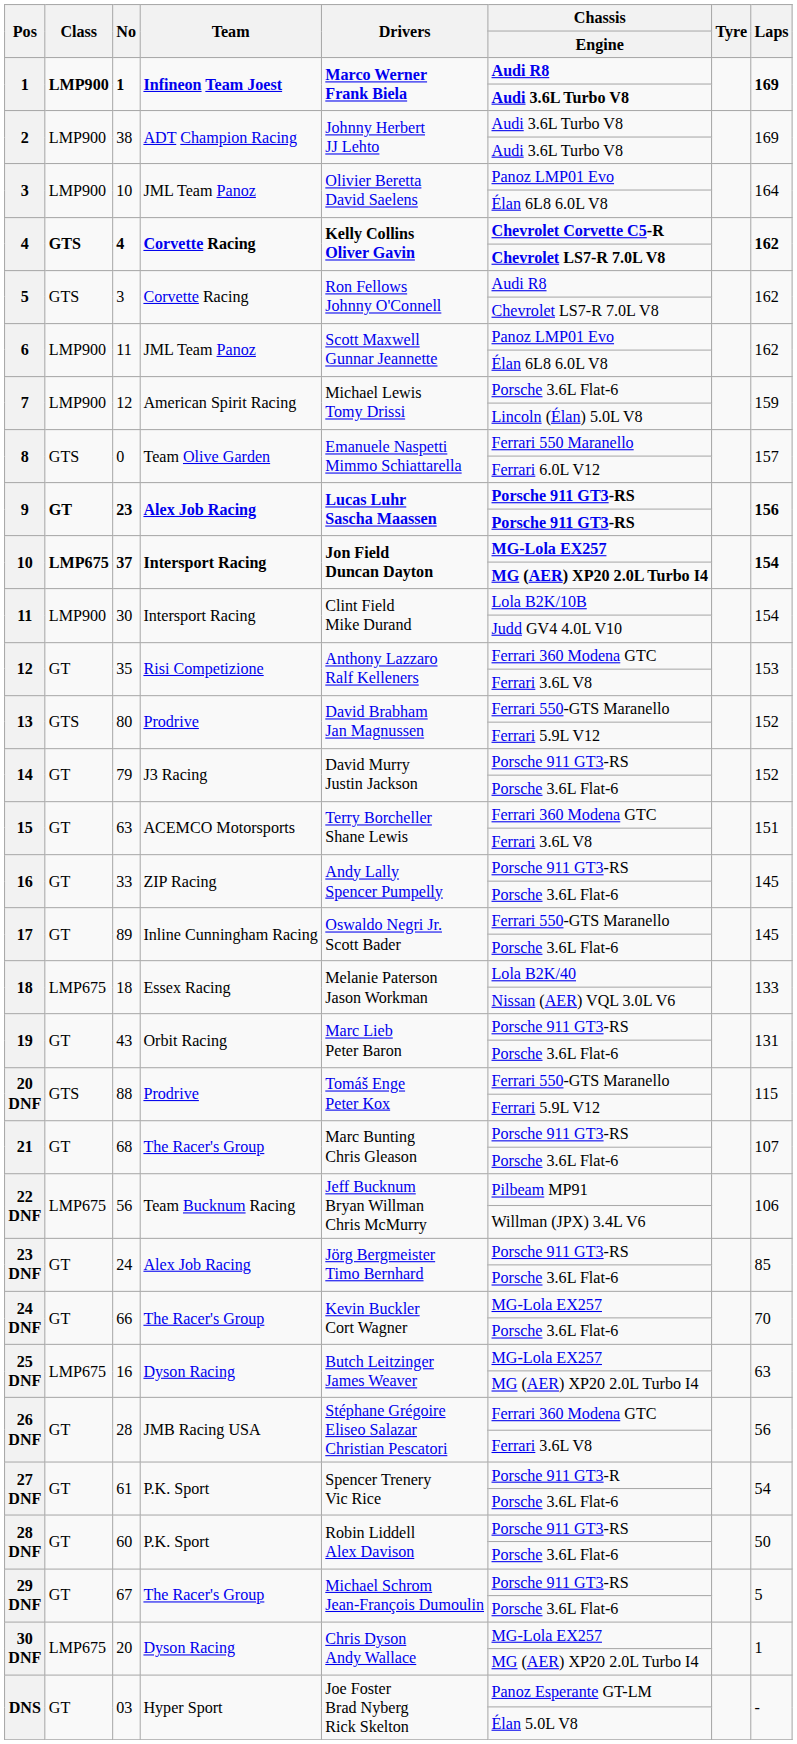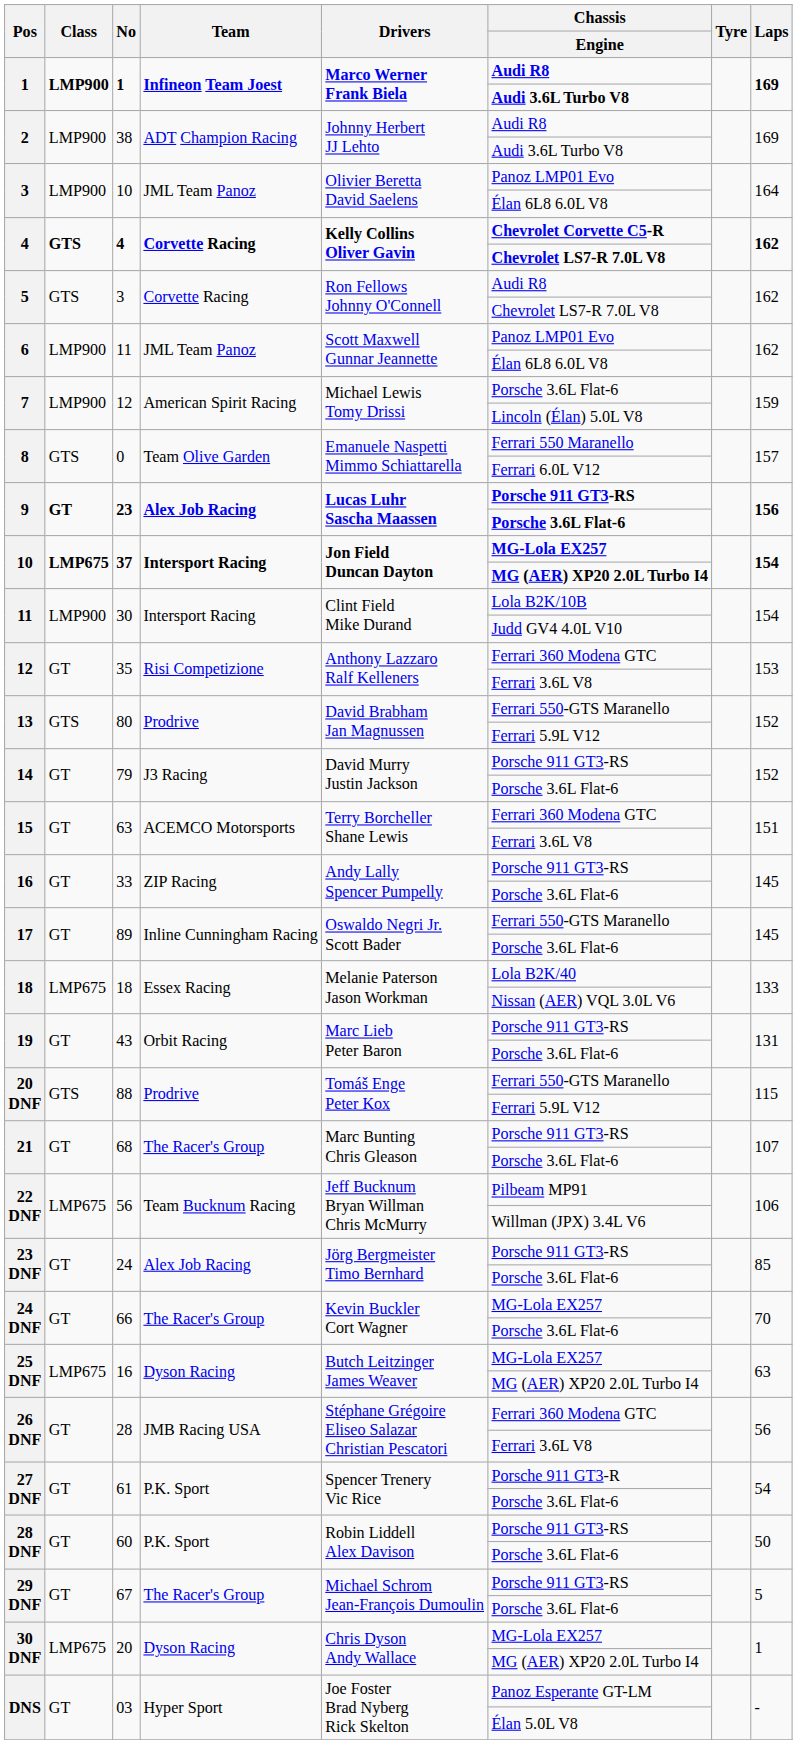 <table class="wikitable" style="font-size: 95%;">
 <tr>
 <th rowspan=2>Pos</th>
 <th rowspan=2>Class</th>
 <th rowspan=2>No</th>
 <th rowspan=2>Team</th>
 <th rowspan=2>Drivers</th>
 <th>Chassis</th>
 <th rowspan=2>Tyre</th>
 <th rowspan=2>Laps</th>
 </tr>
 <tr>
 <th>Engine</th>
 </tr>
 <tr style="font-weight:bold">
 <th rowspan=2>1</th>
 <td rowspan=2>LMP900</td>
 <td rowspan=2>1</td>
 <td rowspan=2> <a href='#'>Infineon</a> <a href='#'>Team Joest</a></td>
 <td rowspan=2> <a href='#'>Marco Werner</a><br> <a href='#'>Frank Biela</a></td>
 <td><a href='#'>Audi R8</a></td>
 <td rowspan=2></td>
 <td rowspan=2>169</td>
 </tr>
 <tr style="font-weight:bold">
 <td><a href='#'>Audi</a> 3.6L Turbo V8</td>
 </tr>
 <tr>
 <th rowspan=2>2</th>
 <td rowspan=2>LMP900</td>
 <td rowspan=2>38</td>
 <td rowspan=2> <a href='#'>ADT</a> <a href='#'>Champion Racing</a></td>
 <td rowspan=2> <a href='#'>Johnny Herbert</a><br> <a href='#'>JJ Lehto</a></td>
-<td><a href='#'>Audi</a> 3.6L Turbo V8</td>
+<td><a href='#'>Audi R8</a></td>
 <td rowspan=2></td>
 <td rowspan=2>169</td>
 </tr>
 <tr>
 <td><a href='#'>Audi</a> 3.6L Turbo V8</td>
 </tr>
 <tr>
 <th rowspan=2>3</th>
 <td rowspan=2>LMP900</td>
 <td rowspan=2>10</td>
 <td rowspan=2> JML Team <a href='#'>Panoz</a></td>
 <td rowspan=2> <a href='#'>Olivier Beretta</a><br> <a href='#'>David Saelens</a></td>
 <td><a href='#'>Panoz LMP01 Evo</a></td>
 <td rowspan=2></td>
 <td rowspan=2>164</td>
 </tr>
 <tr>
 <td><a href='#'>Élan</a> 6L8 6.0L V8</td>
 </tr>
 <tr style="font-weight:bold">
 <th rowspan=2>4</th>
 <td rowspan=2>GTS</td>
 <td rowspan=2>4</td>
 <td rowspan=2> <a href='#'>Corvette</a> Racing</td>
 <td rowspan=2> Kelly Collins<br> <a href='#'>Oliver Gavin</a></td>
 <td><a href='#'>Chevrolet Corvette C5</a>-R</td>
 <td rowspan=2></td>
 <td rowspan=2>162</td>
 </tr>
 <tr style="font-weight:bold">
 <td><a href='#'>Chevrolet</a> LS7-R 7.0L V8</td>
 </tr>
 <tr>
 <th rowspan=2>5</th>
 <td rowspan=2>GTS</td>
 <td rowspan=2>3</td>
 <td rowspan=2> <a href='#'>Corvette</a> Racing</td>
 <td rowspan=2> <a href='#'>Ron Fellows</a><br> <a href='#'>Johnny O'Connell</a></td>
 <td><a href='#'>Audi R8</a></td>
 <td rowspan=2></td>
 <td rowspan=2>162</td>
 </tr>
 <tr>
 <td><a href='#'>Chevrolet</a> LS7-R 7.0L V8</td>
 </tr>
 <tr>
 <th rowspan=2>6</th>
 <td rowspan=2>LMP900</td>
 <td rowspan=2>11</td>
 <td rowspan=2> JML Team <a href='#'>Panoz</a></td>
 <td rowspan=2> <a href='#'>Scott Maxwell</a><br> <a href='#'>Gunnar Jeannette</a></td>
 <td><a href='#'>Panoz LMP01 Evo</a></td>
 <td rowspan=2></td>
 <td rowspan=2>162</td>
 </tr>
 <tr>
 <td><a href='#'>Élan</a> 6L8 6.0L V8</td>
 </tr>
 <tr>
 <th rowspan=2>7</th>
 <td rowspan=2>LMP900</td>
 <td rowspan=2>12</td>
 <td rowspan=2> American Spirit Racing</td>
 <td rowspan=2> Michael Lewis<br> <a href='#'>Tomy Drissi</a></td>
 <td><a href='#'>Porsche</a> 3.6L Flat-6</td>
 <td rowspan=2></td>
 <td rowspan=2>159</td>
 </tr>
 <tr>
 <td><a href='#'>Lincoln</a> (<a href='#'>Élan</a>) 5.0L V8</td>
 </tr>
 <tr>
 <th rowspan=2>8</th>
 <td rowspan=2>GTS</td>
 <td rowspan=2>0</td>
 <td rowspan=2> Team <a href='#'>Olive Garden</a></td>
 <td rowspan=2> <a href='#'>Emanuele Naspetti</a><br> <a href='#'>Mimmo Schiattarella</a></td>
 <td><a href='#'>Ferrari 550 Maranello</a></td>
 <td rowspan=2></td>
 <td rowspan=2>157</td>
 </tr>
 <tr>
 <td><a href='#'>Ferrari</a> 6.0L V12</td>
 </tr>
 <tr style="font-weight:bold">
 <th rowspan=2>9</th>
 <td rowspan=2>GT</td>
 <td rowspan=2>23</td>
 <td rowspan=2> <a href='#'>Alex Job Racing</a></td>
 <td rowspan=2> <a href='#'>Lucas Luhr</a><br> <a href='#'>Sascha Maassen</a></td>
 <td><a href='#'>Porsche 911 GT3</a>-RS</td>
 <td rowspan=2></td>
 <td rowspan=2>156</td>
 </tr>
 <tr style="font-weight:bold">
-<td><a href='#'>Porsche 911 GT3</a>-RS</td>
+<td><a href='#'>Porsche</a> 3.6L Flat-6</td>
 </tr>
 <tr style="font-weight:bold">
 <th rowspan=2>10</th>
 <td rowspan=2>LMP675</td>
 <td rowspan=2>37</td>
 <td rowspan=2> Intersport Racing</td>
 <td rowspan=2> Jon Field<br> Duncan Dayton</td>
 <td><a href='#'>MG-Lola EX257</a></td>
 <td rowspan=2></td>
 <td rowspan=2>154</td>
 </tr>
 <tr style="font-weight:bold">
 <td><a href='#'>MG</a> (<a href='#'>AER</a>) XP20 2.0L Turbo I4</td>
 </tr>
 <tr>
 <th rowspan=2>11</th>
 <td rowspan=2>LMP900</td>
 <td rowspan=2>30</td>
 <td rowspan=2> Intersport Racing</td>
 <td rowspan=2> Clint Field<br> Mike Durand</td>
 <td><a href='#'>Lola B2K/10B</a></td>
 <td rowspan=2></td>
 <td rowspan=2>154</td>
 </tr>
 <tr>
 <td><a href='#'>Judd</a> GV4 4.0L V10</td>
 </tr>
 <tr>
 <th rowspan=2>12</th>
 <td rowspan=2>GT</td>
 <td rowspan=2>35</td>
 <td rowspan=2> <a href='#'>Risi Competizione</a></td>
 <td rowspan=2> <a href='#'>Anthony Lazzaro</a><br> <a href='#'>Ralf Kelleners</a></td>
 <td><a href='#'>Ferrari 360 Modena</a> GTC</td>
 <td rowspan=2></td>
 <td rowspan=2>153</td>
 </tr>
 <tr>
 <td><a href='#'>Ferrari</a> 3.6L V8</td>
 </tr>
 <tr>
 <th rowspan=2>13</th>
 <td rowspan=2>GTS</td>
 <td rowspan=2>80</td>
 <td rowspan=2> <a href='#'>Prodrive</a></td>
 <td rowspan=2> <a href='#'>David Brabham</a><br> <a href='#'>Jan Magnussen</a></td>
 <td><a href='#'>Ferrari 550</a>-GTS Maranello</td>
 <td rowspan=2></td>
 <td rowspan=2>152</td>
 </tr>
 <tr>
 <td><a href='#'>Ferrari</a> 5.9L V12</td>
 </tr>
 <tr>
 <th rowspan=2>14</th>
 <td rowspan=2>GT</td>
 <td rowspan=2>79</td>
 <td rowspan=2> J3 Racing</td>
 <td rowspan=2> David Murry<br> Justin Jackson</td>
 <td><a href='#'>Porsche 911 GT3</a>-RS</td>
 <td rowspan=2></td>
 <td rowspan=2>152</td>
 </tr>
 <tr>
 <td><a href='#'>Porsche</a> 3.6L Flat-6</td>
 </tr>
 <tr>
 <th rowspan=2>15</th>
 <td rowspan=2>GT</td>
 <td rowspan=2>63</td>
 <td rowspan=2> ACEMCO Motorsports</td>
 <td rowspan=2> <a href='#'>Terry Borcheller</a><br> Shane Lewis</td>
 <td><a href='#'>Ferrari 360 Modena</a> GTC</td>
 <td rowspan=2></td>
 <td rowspan=2>151</td>
 </tr>
 <tr>
 <td><a href='#'>Ferrari</a> 3.6L V8</td>
 </tr>
 <tr>
 <th rowspan=2>16</th>
 <td rowspan=2>GT</td>
 <td rowspan=2>33</td>
 <td rowspan=2> ZIP Racing</td>
 <td rowspan=2> <a href='#'>Andy Lally</a><br> <a href='#'>Spencer Pumpelly</a></td>
 <td><a href='#'>Porsche 911 GT3</a>-RS</td>
 <td rowspan=2></td>
 <td rowspan=2>145</td>
 </tr>
 <tr>
 <td><a href='#'>Porsche</a> 3.6L Flat-6</td>
 </tr>
 <tr>
 <th rowspan=2>17</th>
 <td rowspan=2>GT</td>
 <td rowspan=2>89</td>
 <td rowspan=2> Inline Cunningham Racing</td>
 <td rowspan=2> <a href='#'>Oswaldo Negri Jr.</a><br> Scott Bader</td>
 <td><a href='#'>Ferrari 550</a>-GTS Maranello</td>
 <td rowspan=2></td>
 <td rowspan=2>145</td>
 </tr>
 <tr>
 <td><a href='#'>Porsche</a> 3.6L Flat-6</td>
 </tr>
 <tr>
 <th rowspan=2>18</th>
 <td rowspan=2>LMP675</td>
 <td rowspan=2>18</td>
 <td rowspan=2> Essex Racing</td>
 <td rowspan=2> Melanie Paterson<br> Jason Workman</td>
 <td><a href='#'>Lola B2K/40</a></td>
 <td rowspan=2></td>
 <td rowspan=2>133</td>
 </tr>
 <tr>
 <td><a href='#'>Nissan</a> (<a href='#'>AER</a>) VQL 3.0L V6</td>
 </tr>
 <tr>
 <th rowspan=2>19</th>
 <td rowspan=2>GT</td>
 <td rowspan=2>43</td>
 <td rowspan=2> Orbit Racing</td>
 <td rowspan=2> <a href='#'>Marc Lieb</a><br> Peter Baron</td>
 <td><a href='#'>Porsche 911 GT3</a>-RS</td>
 <td rowspan=2></td>
 <td rowspan=2>131</td>
 </tr>
 <tr>
 <td><a href='#'>Porsche</a> 3.6L Flat-6</td>
 </tr>
 <tr>
 <th rowspan=2>20<br>DNF</th>
 <td rowspan=2>GTS</td>
 <td rowspan=2>88</td>
 <td rowspan=2> <a href='#'>Prodrive</a></td>
 <td rowspan=2> <a href='#'>Tomáš Enge</a><br> <a href='#'>Peter Kox</a></td>
 <td><a href='#'>Ferrari 550</a>-GTS Maranello</td>
 <td rowspan=2></td>
 <td rowspan=2>115</td>
 </tr>
 <tr>
 <td><a href='#'>Ferrari</a> 5.9L V12</td>
 </tr>
 <tr>
 <th rowspan=2>21</th>
 <td rowspan=2>GT</td>
 <td rowspan=2>68</td>
 <td rowspan=2> <a href='#'>The Racer's Group</a></td>
 <td rowspan=2> Marc Bunting<br> Chris Gleason</td>
 <td><a href='#'>Porsche 911 GT3</a>-RS</td>
 <td rowspan=2></td>
 <td rowspan=2>107</td>
 </tr>
 <tr>
 <td><a href='#'>Porsche</a> 3.6L Flat-6</td>
 </tr>
 <tr>
 <th rowspan=2>22<br>DNF</th>
 <td rowspan=2>LMP675</td>
 <td rowspan=2>56</td>
 <td rowspan=2> Team <a href='#'>Bucknum</a> Racing</td>
 <td rowspan=2> <a href='#'>Jeff Bucknum</a><br> Bryan Willman<br> Chris McMurry</td>
 <td><a href='#'>Pilbeam</a> MP91</td>
 <td rowspan=2></td>
 <td rowspan=2>106</td>
 </tr>
 <tr>
 <td>Willman (JPX) 3.4L V6</td>
 </tr>
 <tr>
 <th rowspan=2>23<br>DNF</th>
 <td rowspan=2>GT</td>
 <td rowspan=2>24</td>
 <td rowspan=2> <a href='#'>Alex Job Racing</a></td>
 <td rowspan=2> <a href='#'>Jörg Bergmeister</a><br> <a href='#'>Timo Bernhard</a></td>
 <td><a href='#'>Porsche 911 GT3</a>-RS</td>
 <td rowspan=2></td>
 <td rowspan=2>85</td>
 </tr>
 <tr>
 <td><a href='#'>Porsche</a> 3.6L Flat-6</td>
 </tr>
 <tr>
 <th rowspan=2>24<br>DNF</th>
 <td rowspan=2>GT</td>
 <td rowspan=2>66</td>
 <td rowspan=2> <a href='#'>The Racer's Group</a></td>
 <td rowspan=2> <a href='#'>Kevin Buckler</a><br> Cort Wagner</td>
 <td><a href='#'>MG-Lola EX257</a></td>
 <td rowspan=2></td>
 <td rowspan=2>70</td>
 </tr>
 <tr>
 <td><a href='#'>Porsche</a> 3.6L Flat-6</td>
 </tr>
 <tr>
 <th rowspan=2>25<br>DNF</th>
 <td rowspan=2>LMP675</td>
 <td rowspan=2>16</td>
 <td rowspan=2> <a href='#'>Dyson Racing</a></td>
 <td rowspan=2> <a href='#'>Butch Leitzinger</a><br> <a href='#'>James Weaver</a></td>
 <td><a href='#'>MG-Lola EX257</a></td>
 <td rowspan=2></td>
 <td rowspan=2>63</td>
 </tr>
 <tr>
 <td><a href='#'>MG</a> (<a href='#'>AER</a>) XP20 2.0L Turbo I4</td>
 </tr>
 <tr>
 <th rowspan=2>26<br>DNF</th>
 <td rowspan=2>GT</td>
 <td rowspan=2>28</td>
 <td rowspan=2> JMB Racing USA</td>
 <td rowspan=2> <a href='#'>Stéphane Grégoire</a><br> <a href='#'>Eliseo Salazar</a><br> <a href='#'>Christian Pescatori</a></td>
 <td><a href='#'>Ferrari 360 Modena</a> GTC</td>
 <td rowspan=2></td>
 <td rowspan=2>56</td>
 </tr>
 <tr>
 <td><a href='#'>Ferrari</a> 3.6L V8</td>
 </tr>
 <tr>
 <th rowspan=2>27<br>DNF</th>
 <td rowspan=2>GT</td>
 <td rowspan=2>61</td>
 <td rowspan=2> P.K. Sport</td>
 <td rowspan=2> Spencer Trenery<br> Vic Rice</td>
 <td><a href='#'>Porsche 911 GT3</a>-R</td>
 <td rowspan=2></td>
 <td rowspan=2>54</td>
 </tr>
 <tr>
 <td><a href='#'>Porsche</a> 3.6L Flat-6</td>
 </tr>
 <tr>
 <th rowspan=2>28<br>DNF</th>
 <td rowspan=2>GT</td>
 <td rowspan=2>60</td>
 <td rowspan=2> P.K. Sport</td>
 <td rowspan=2> Robin Liddell<br> <a href='#'>Alex Davison</a></td>
 <td><a href='#'>Porsche 911 GT3</a>-RS</td>
 <td rowspan=2></td>
 <td rowspan=2>50</td>
 </tr>
 <tr>
 <td><a href='#'>Porsche</a> 3.6L Flat-6</td>
 </tr>
 <tr>
 <th rowspan=2>29<br>DNF</th>
 <td rowspan=2>GT</td>
 <td rowspan=2>67</td>
 <td rowspan=2> <a href='#'>The Racer's Group</a></td>
 <td rowspan=2> <a href='#'>Michael Schrom</a><br> <a href='#'>Jean-François Dumoulin</a></td>
 <td><a href='#'>Porsche 911 GT3</a>-RS</td>
 <td rowspan=2></td>
 <td rowspan=2>5</td>
 </tr>
 <tr>
 <td><a href='#'>Porsche</a> 3.6L Flat-6</td>
 </tr>
 <tr>
 <th rowspan=2>30<br>DNF</th>
 <td rowspan=2>LMP675</td>
 <td rowspan=2>20</td>
 <td rowspan=2> <a href='#'>Dyson Racing</a></td>
 <td rowspan=2> <a href='#'>Chris Dyson</a><br> <a href='#'>Andy Wallace</a></td>
 <td><a href='#'>MG-Lola EX257</a></td>
 <td rowspan=2></td>
 <td rowspan=2>1</td>
 </tr>
 <tr>
 <td><a href='#'>MG</a> (<a href='#'>AER</a>) XP20 2.0L Turbo I4</td>
 </tr>
 <tr>
 <th rowspan=2>DNS</th>
 <td rowspan=2>GT</td>
 <td rowspan=2>03</td>
 <td rowspan=2> Hyper Sport</td>
 <td rowspan=2> Joe Foster<br> Brad Nyberg<br> Rick Skelton</td>
 <td><a href='#'>Panoz Esperante</a> GT-LM</td>
 <td rowspan=2></td>
 <td rowspan=2>-</td>
 </tr>
 <tr>
 <td><a href='#'>Élan</a> 5.0L V8</td>
 </tr>
 </table>
